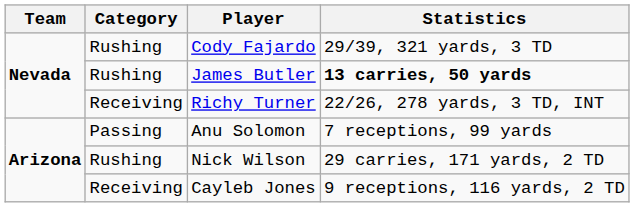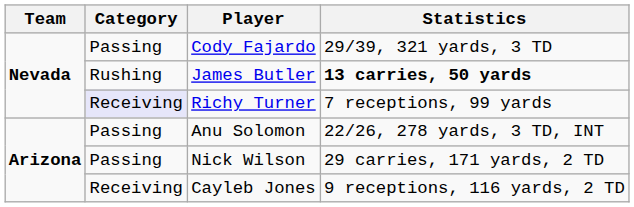 <table class="wikitable" style="float: right;">
 <tr>
 <th>Team</th>
 <th>Category</th>
 <th>Player</th>
 <th>Statistics</th>
 </tr>
 <tr>
 <td rowspan=3><strong>Nevada</strong></td>
-<td>Rushing</td>
+<td>Passing</td>
 <td><a href='#'>Cody Fajardo</a></td>
 <td>29/39, 321 yards, 3 TD</td>
 </tr>
 <tr>
 <td>Rushing</td>
 <td><a href='#'>James Butler</a></td>
 <td><strong>13 carries, 50 yards</strong></td>
 </tr>
 <tr>
-<td>Receiving</td>
+<td style="background: lavender;">Receiving</td>
 <td><a href='#'>Richy Turner</a></td>
-<td>22/26, 278 yards, 3 TD, INT</td>
+<td>7 receptions, 99 yards</td>
 </tr>
 <tr>
 <td rowspan=3><strong>Arizona</strong></td>
 <td>Passing</td>
 <td>Anu Solomon</td>
-<td>7 receptions, 99 yards</td>
+<td>22/26, 278 yards, 3 TD, INT</td>
 </tr>
 <tr>
-<td>Rushing</td>
+<td>Passing</td>
 <td>Nick Wilson</td>
 <td>29 carries, 171 yards, 2 TD</td>
 </tr>
 <tr>
 <td>Receiving</td>
 <td>Cayleb Jones</td>
 <td>9 receptions, 116 yards, 2 TD</td>
 </tr>
 </table>
